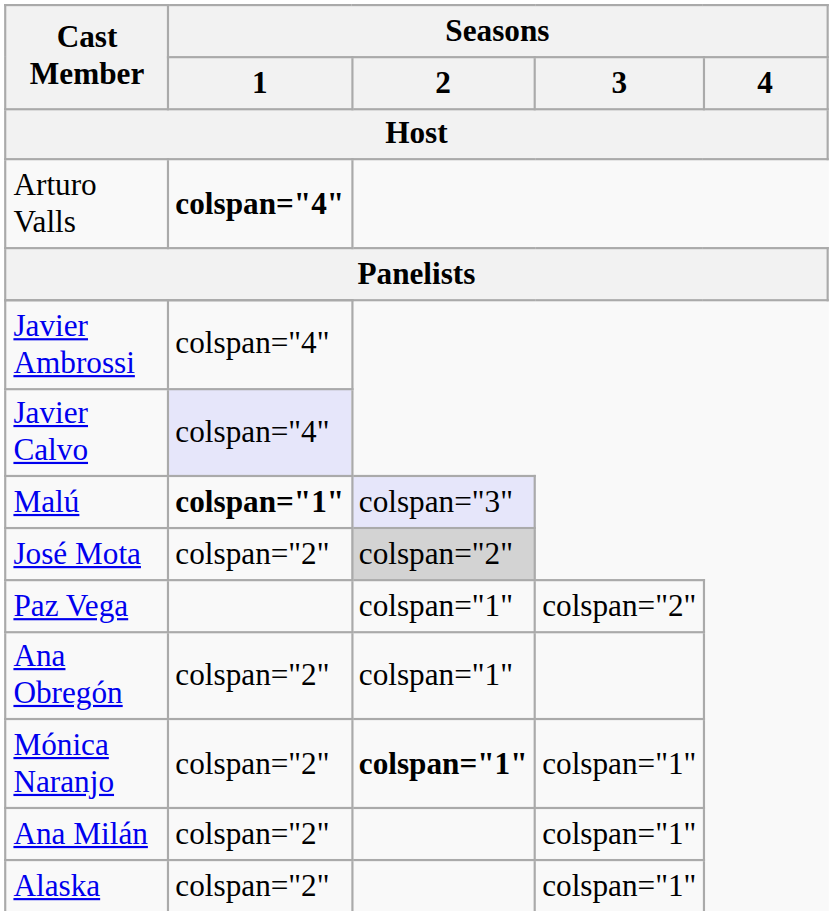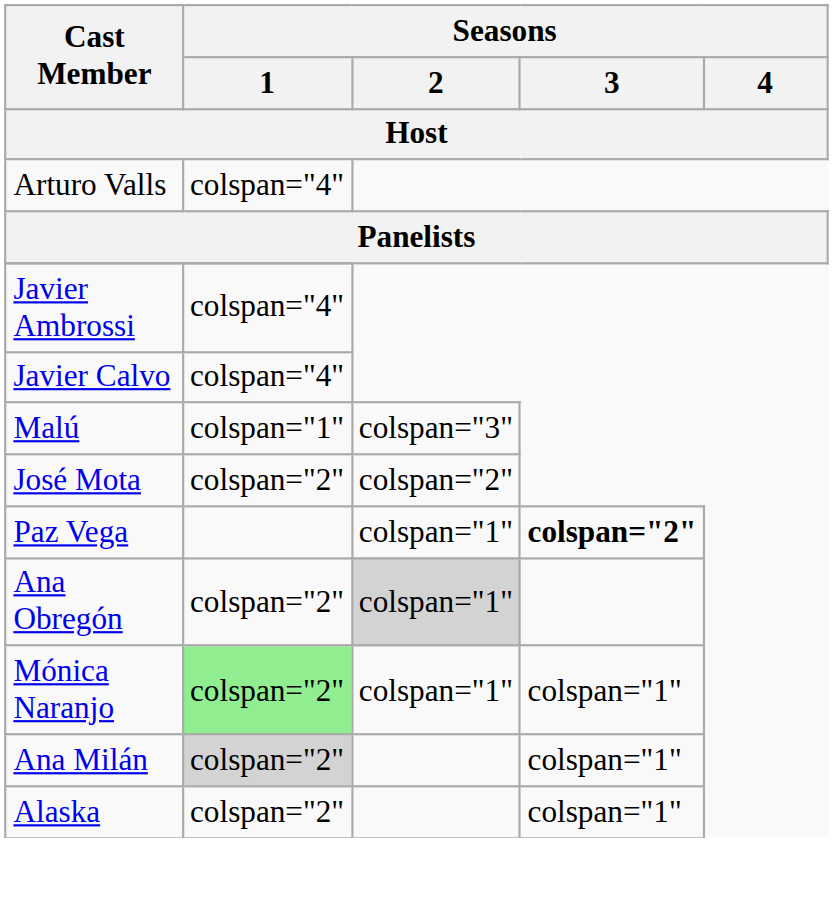 <table class="wikitable mw-collapsible mw-collapsed" style="margin-left: auto; margin-right: auto; border: none; font-size:90%; width:30%;">
 <tr>
 <th rowspan="2">Cast Member</th>
 <th colspan="6">Seasons</th>
 </tr>
 <tr>
 <th width="50">1</th>
 <th width="50">2</th>
 <th width="50">3</th>
 <th width="50">4</th>
 </tr>
 <tr>
 <th colspan="7">Host</th>
 </tr>
 <tr>
 <td>Arturo Valls</td>
-<td><strong>colspan="4" </strong></td>
+<td>colspan="4" </td>
 </tr>
 <tr>
 <th colspan="5">Panelists</th>
 </tr>
 <tr>
 </tr>
 <tr>
 <td><a href='#'>Javier Ambrossi</a></td>
 <td>colspan="4" </td>
 </tr>
 <tr>
 <td><a href='#'>Javier Calvo</a></td>
-<td style="background: lavender;">colspan="4" </td>
+<td>colspan="4" </td>
 </tr>
 <tr>
 <td><a href='#'>Malú</a></td>
-<td><strong>colspan="1" </strong></td>
-<td style="background: lavender;">colspan="3" </td>
+<td>colspan="1" </td>
+<td>colspan="3" </td>
 </tr>
 <tr>
 <td><a href='#'>José Mota</a></td>
 <td>colspan="2" </td>
-<td style="background: lightgrey;">colspan="2" </td>
+<td>colspan="2" </td>
 </tr>
 <tr>
 <td><a href='#'>Paz Vega</a></td>
 <td></td>
 <td>colspan="1" </td>
-<td>colspan="2" </td>
+<td><strong>colspan="2" </strong></td>
 </tr>
 <tr>
 <td><a href='#'>Ana Obregón</a></td>
 <td>colspan="2" </td>
-<td>colspan="1" </td>
+<td style="background: lightgrey;">colspan="1" </td>
 <td></td>
 </tr>
 <tr>
 <td><a href='#'>Mónica Naranjo</a></td>
-<td>colspan="2" </td>
-<td><strong>colspan="1" </strong></td>
+<td style="background: lightgreen;">colspan="2" </td>
+<td>colspan="1" </td>
 <td>colspan="1" </td>
 </tr>
 <tr>
 <td><a href='#'>Ana Milán</a></td>
-<td>colspan="2" </td>
+<td style="background: lightgrey;">colspan="2" </td>
 <td></td>
 <td>colspan="1" </td>
 </tr>
 <tr>
 <td><a href='#'>Alaska</a></td>
 <td>colspan="2" </td>
 <td></td>
 <td>colspan="1" </td>
 </tr>
 <tr>
 </tr>
 </table>
